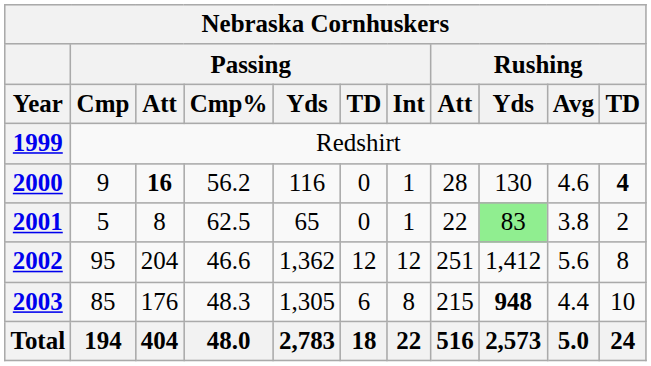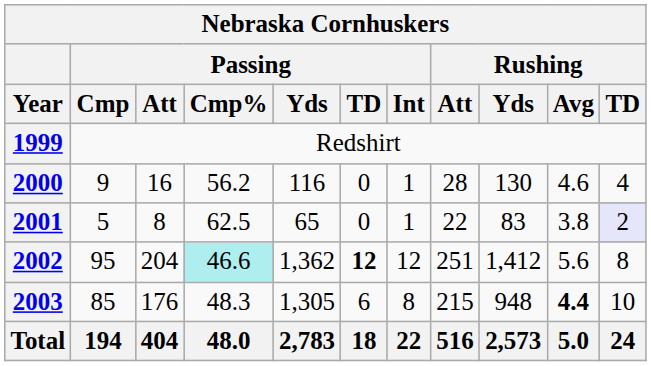 <table class=wikitable style="text-align:center">
 <tr>
 <th colspan="15">Nebraska Cornhuskers</th>
 </tr>
 <tr>
 <th></th>
 <th colspan="6">Passing</th>
 <th colspan="4">Rushing</th>
 </tr>
 <tr>
 <th>Year</th>
 <th>Cmp</th>
 <th>Att</th>
 <th>Cmp%</th>
 <th>Yds</th>
 <th>TD</th>
 <th>Int</th>
 <th>Att</th>
 <th>Yds</th>
 <th>Avg</th>
 <th>TD</th>
 </tr>
 <tr>
 <th><a href='#'>1999</a></th>
 <td colspan=10> Redshirt</td>
 </tr>
 <tr>
 <th><a href='#'>2000</a></th>
 <td>9</td>
-<td><strong>16</strong></td>
+<td>16</td>
 <td>56.2</td>
 <td>116</td>
 <td>0</td>
 <td>1</td>
 <td>28</td>
 <td>130</td>
 <td>4.6</td>
-<td><strong>4</strong></td>
+<td>4</td>
 </tr>
 <tr>
 <th><a href='#'>2001</a></th>
 <td>5</td>
 <td>8</td>
 <td>62.5</td>
 <td>65</td>
 <td>0</td>
 <td>1</td>
 <td>22</td>
-<td style="background: lightgreen;">83</td>
+<td>83</td>
 <td>3.8</td>
-<td>2</td>
+<td style="background: lavender;">2</td>
 </tr>
 <tr>
 <th><a href='#'>2002</a></th>
 <td>95</td>
 <td>204</td>
-<td>46.6</td>
+<td style="background: paleturquoise;">46.6</td>
 <td>1,362</td>
-<td>12</td>
+<td><strong>12</strong></td>
 <td>12</td>
 <td>251</td>
 <td>1,412</td>
 <td>5.6</td>
 <td>8</td>
 </tr>
 <tr>
 <th><a href='#'>2003</a></th>
 <td>85</td>
 <td>176</td>
 <td>48.3</td>
 <td>1,305</td>
 <td>6</td>
 <td>8</td>
 <td>215</td>
-<td><strong>948</strong></td>
-<td>4.4</td>
+<td>948</td>
+<td><strong>4.4</strong></td>
 <td>10</td>
 </tr>
 <tr>
 <th>Total</th>
 <th>194</th>
 <th>404</th>
 <th>48.0</th>
 <th>2,783</th>
 <th>18</th>
 <th>22</th>
 <th>516</th>
 <th>2,573</th>
 <th>5.0</th>
 <th>24</th>
 </tr>
 </table>
